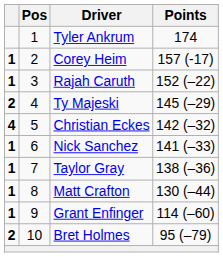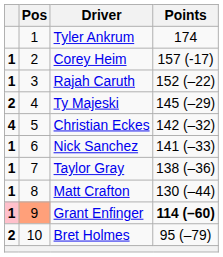 <table class="wikitable" style="font-size: 95%;">
 <tr>
 <th></th>
 <th>Pos</th>
 <th>Driver</th>
 <th>Points</th>
 </tr>
 <tr>
 <td align="left"></td>
 <td style="text-align:center;">1</td>
 <td><a href='#'>Tyler Ankrum</a></td>
 <td style="text-align:center;">174</td>
 </tr>
 <tr>
 <td align="left"> <strong>1</strong></td>
 <td style="text-align:center;">2</td>
 <td><a href='#'>Corey Heim</a></td>
 <td style="text-align:center;">157 (-17)</td>
 </tr>
 <tr>
 <td align="left"> <strong>1</strong></td>
 <td style="text-align:center;">3</td>
 <td><a href='#'>Rajah Caruth</a></td>
 <td style="text-align:center;">152 (–22)</td>
 </tr>
 <tr>
 <td align="left"> <strong>2</strong></td>
 <td style="text-align:center;">4</td>
 <td><a href='#'>Ty Majeski</a></td>
 <td style="text-align:center;">145 (–29)</td>
 </tr>
 <tr>
 <td align="left"> <strong>4</strong></td>
 <td style="text-align:center;">5</td>
 <td><a href='#'>Christian Eckes</a></td>
 <td style="text-align:center;">142 (–32)</td>
 </tr>
 <tr>
 <td align="left"> <strong>1</strong></td>
 <td style="text-align:center;">6</td>
 <td><a href='#'>Nick Sanchez</a></td>
 <td style="text-align:center;">141 (–33)</td>
 </tr>
 <tr>
 <td align="left"> <strong>1</strong></td>
 <td style="text-align:center;">7</td>
 <td><a href='#'>Taylor Gray</a></td>
 <td style="text-align:center;">138 (–36)</td>
 </tr>
 <tr>
 <td align="left"> <strong>1</strong></td>
 <td style="text-align:center;">8</td>
 <td><a href='#'>Matt Crafton</a></td>
 <td style="text-align:center;">130 (–44)</td>
 </tr>
 <tr>
-<td align="left"> <strong>1</strong></td>
-<td style="text-align:center;">9</td>
+<td align="left" style="background: pink;"> <strong>1</strong></td>
+<td style="background: lightsalmon; text-align:center;">9</td>
 <td><a href='#'>Grant Enfinger</a></td>
-<td style="text-align:center;">114 (–60)</td>
+<td style="text-align:center;"><strong>114 (–60)</strong></td>
 </tr>
 <tr>
 <td align="left"> <strong>2</strong></td>
 <td style="text-align:center;">10</td>
 <td><a href='#'>Bret Holmes</a></td>
 <td style="text-align:center;">95 (–79)</td>
 </tr>
 <tr class="sortbottom">
 <th colspan="9"></th>
 </tr>
 </table>
